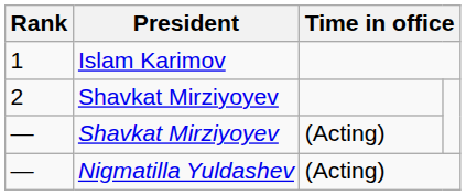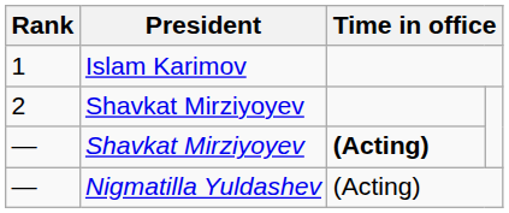 <table class="wikitable sortable">
 <tr>
 <th>Rank</th>
 <th>President</th>
 <th colspan=2>Time in office</th>
 </tr>
 <tr>
 <td>1</td>
 <td><a href='#'>Islam Karimov</a></td>
 <td colspan=2></td>
 </tr>
 <tr>
 <td>2</td>
 <td><a href='#'>Shavkat Mirziyoyev</a></td>
 <td></td>
 <td rowspan=2></td>
 </tr>
 <tr>
 <td>—</td>
 <td><em><a href='#'>Shavkat Mirziyoyev</a></em></td>
-<td> (Acting)</td>
+<td><strong> (Acting)</strong></td>
 </tr>
 <tr>
 <td>—</td>
 <td><em><a href='#'>Nigmatilla Yuldashev</a></em></td>
 <td colspan=2> (Acting)</td>
 </tr>
 </table>
